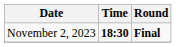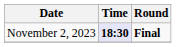 <table class="wikitable">
 <tr>
 <th>Date</th>
 <th>Time</th>
 <th>Round</th>
 </tr>
 <tr>
 <td>November 2, 2023</td>
-<td><strong>18:30</strong></td>
+<td style="background: lavender;"><strong>18:30</strong></td>
 <td><strong>Final</strong></td>
 </tr>
 <tr>
 </tr>
 </table>
